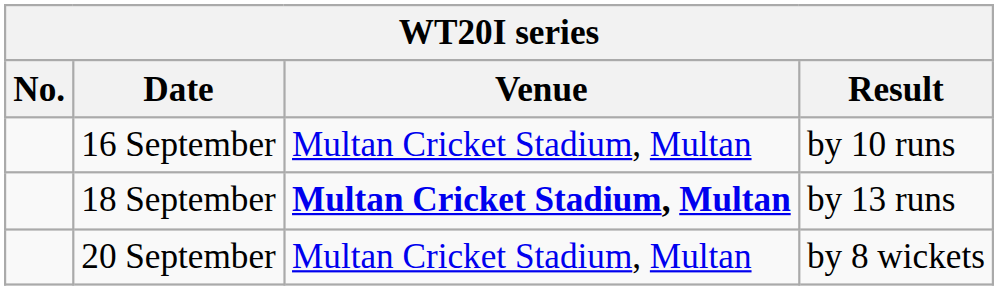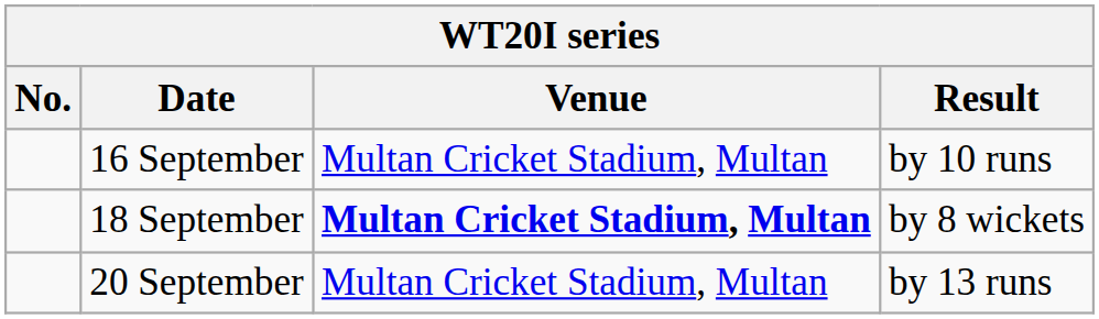 <table class="wikitable">
 <tr>
 <th colspan="4">WT20I series</th>
 </tr>
 <tr>
 <th>No.</th>
 <th>Date</th>
 <th>Venue</th>
 <th>Result</th>
 </tr>
 <tr>
 <td></td>
 <td>16 September</td>
 <td><a href='#'>Multan Cricket Stadium</a>, <a href='#'>Multan</a></td>
 <td> by 10 runs</td>
 </tr>
 <tr>
 <td></td>
 <td>18 September</td>
 <td><strong><a href='#'>Multan Cricket Stadium</a>, <a href='#'>Multan</a></strong></td>
-<td> by 13 runs</td>
+<td> by 8 wickets</td>
 </tr>
 <tr>
 <td></td>
 <td>20 September</td>
 <td><a href='#'>Multan Cricket Stadium</a>, <a href='#'>Multan</a></td>
-<td> by 8 wickets</td>
+<td> by 13 runs</td>
 </tr>
 </table>
